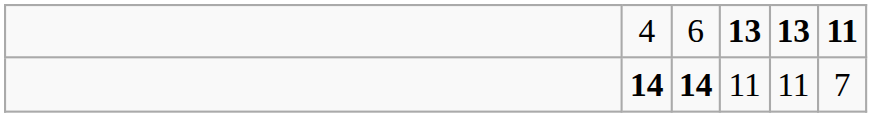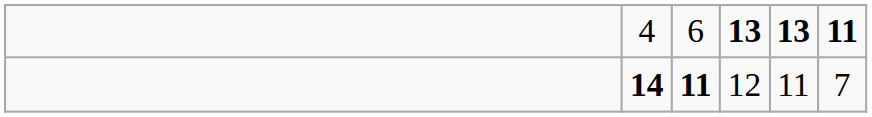 <table class="wikitable">
 <tr>
 <td style="width:18em"></td>
 <td align=center style="width:1em">4</td>
 <td align=center style="width:1em">6</td>
 <td align=center style="width:1em"><strong>13</strong></td>
 <td align=center style="width:1em"><strong>13</strong></td>
 <td align=center style="width:1em"><strong>11</strong></td>
 </tr>
 <tr>
 <td style="width:18em"></td>
 <td align=center style="width:1em"><strong>14</strong></td>
-<td align=center style="width:1em"><strong>14</strong></td>
-<td align=center style="width:1em">11</td>
+<td align=center style="width:1em"><strong>11</strong></td>
+<td align=center style="width:1em">12</td>
 <td align=center style="width:1em">11</td>
 <td align=center style="width:1em">7</td>
 </tr>
 </table>
